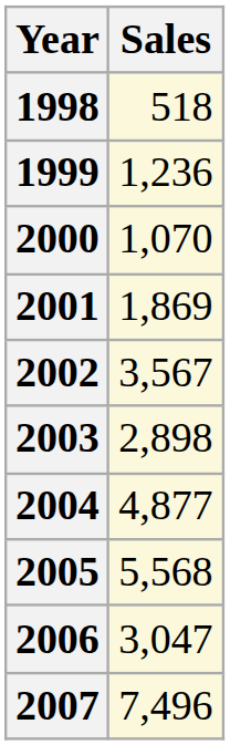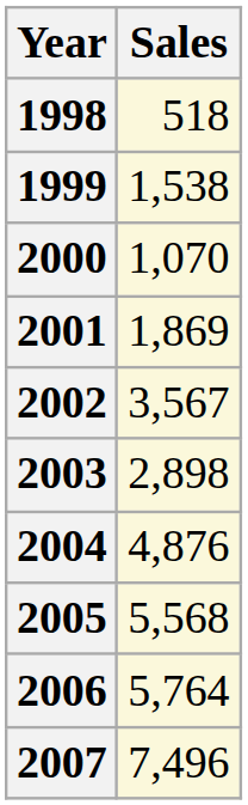 <table class="wikitable" style="text-align: right; display:inline-table">
 <tr>
 <th>Year</th>
 <th>Sales</th>
 </tr>
 <tr>
 <th>1998</th>
 <td style="background:#fbf8db; align:right;">518</td>
 </tr>
 <tr>
 <th>1999</th>
-<td style="background:#fbf8db; align:right;">1,236</td>
+<td style="background:#fbf8db; align:right;">1,538</td>
 </tr>
 <tr>
 <th>2000</th>
 <td style="background:#fbf8db; align:right;">1,070</td>
 </tr>
 <tr>
 <th>2001</th>
 <td style="background:#fbf8db; align:right;">1,869</td>
 </tr>
 <tr>
 <th>2002</th>
 <td style="background:#fbf8db; align:right;">3,567</td>
 </tr>
 <tr>
 <th>2003</th>
 <td style="background:#fbf8db; align:right;">2,898</td>
 </tr>
 <tr>
 <th>2004</th>
-<td style="background:#fbf8db; align:right;">4,877</td>
+<td style="background:#fbf8db; align:right;">4,876</td>
 </tr>
 <tr>
 <th>2005</th>
 <td style="background:#fbf8db; align:right;">5,568</td>
 </tr>
 <tr>
 <th>2006</th>
-<td style="background:#fbf8db; align:right;">3,047</td>
+<td style="background:#fbf8db; align:right;">5,764</td>
 </tr>
 <tr>
 <th>2007</th>
 <td style="background:#fbf8db; align:right;">7,496</td>
 </tr>
 </table>
